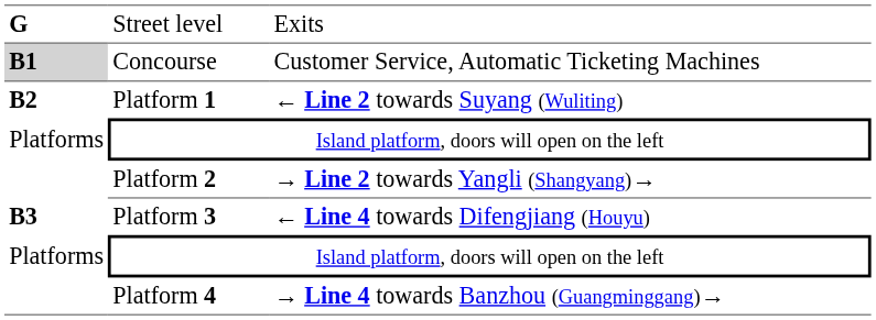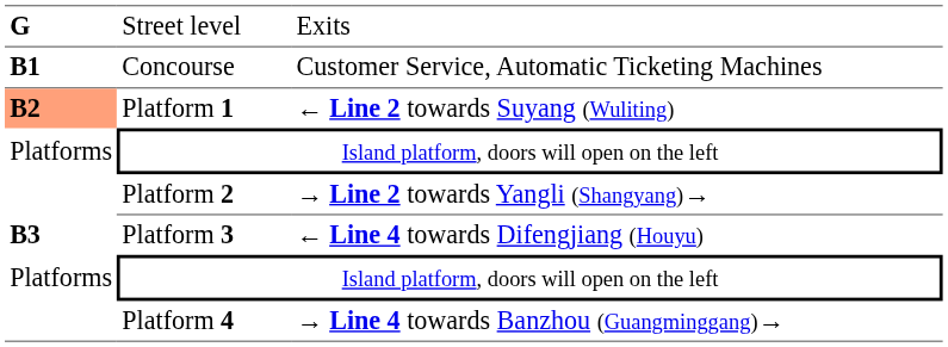 <table border="0" cellspacing="0" cellpadding="3">
 <tr>
 <td style="border-top:solid 1px gray;" width="50" valign="top"><strong>G</strong></td>
 <td style="border-top:solid 1px gray;" width="100" valign="top">Street level</td>
 <td style="border-top:solid 1px gray;" width="390" valign="top">Exits</td>
 </tr>
 <tr>
-<td style="background: lightgrey; border-bottom:solid 1px gray; border-top:solid 1px gray;" valign="top" width="50"><strong>B1<br></strong></td>
+<td style="border-bottom:solid 1px gray; border-top:solid 1px gray;" valign="top" width="50"><strong>B1<br></strong></td>
 <td style="border-bottom:solid 1px gray; border-top:solid 1px gray;" valign="top" width="100">Concourse</td>
 <td style="border-bottom:solid 1px gray; border-top:solid 1px gray;" valign="top" width="390">Customer Service, Automatic Ticketing Machines</td>
 </tr>
 <tr>
-<td valign="top"><strong>B2</strong></td>
+<td valign="top" style="background: lightsalmon;"><strong>B2</strong></td>
 <td>Platform <strong>1</strong></td>
 <td>← <a href='#'><span><span><strong>Line 2</strong></span></span></a> towards <a href='#'>Suyang</a> <small>(<a href='#'>Wuliting</a>)</small></td>
 </tr>
 <tr>
 <td>Platforms</td>
 <td colspan="2" style="border-right:solid 2px black;border-left:solid 2px black;border-top:solid 2px black;border-bottom:solid 2px black;text-align:center;"><small><a href='#'>Island platform</a>, doors will open on the left</small></td>
 </tr>
 <tr>
 <td></td>
 <td style="border-bottom:solid 1px gray;">Platform <strong>2</strong></td>
 <td style="border-bottom:solid 1px gray;">→ <a href='#'><span><span><strong>Line 2</strong></span></span></a>  towards <a href='#'>Yangli</a> <small>(<a href='#'>Shangyang</a>)</small>→</td>
 </tr>
 <tr>
 <td valign="top"><strong>B3</strong></td>
 <td>Platform <strong>3</strong></td>
 <td>← <a href='#'><span><span><strong>Line 4</strong></span></span></a> towards <a href='#'>Difengjiang</a> <small>(<a href='#'>Houyu</a>)</small></td>
 </tr>
 <tr>
 <td>Platforms</td>
 <td colspan="2" style="border-right:solid 2px black;border-left:solid 2px black;border-top:solid 2px black;border-bottom:solid 2px black;text-align:center;"><small><a href='#'>Island platform</a>, doors will open on the left</small></td>
 </tr>
 <tr>
 <td style="border-bottom:solid 1px gray;"></td>
 <td style="border-bottom:solid 1px gray;">Platform <strong>4</strong></td>
 <td style="border-bottom:solid 1px gray;">→ <a href='#'><span><span><strong>Line 4</strong></span></span></a>  towards <a href='#'>Banzhou</a> <small>(<a href='#'>Guangminggang</a>)</small>→</td>
 </tr>
 <tr>
 </tr>
 </table>
